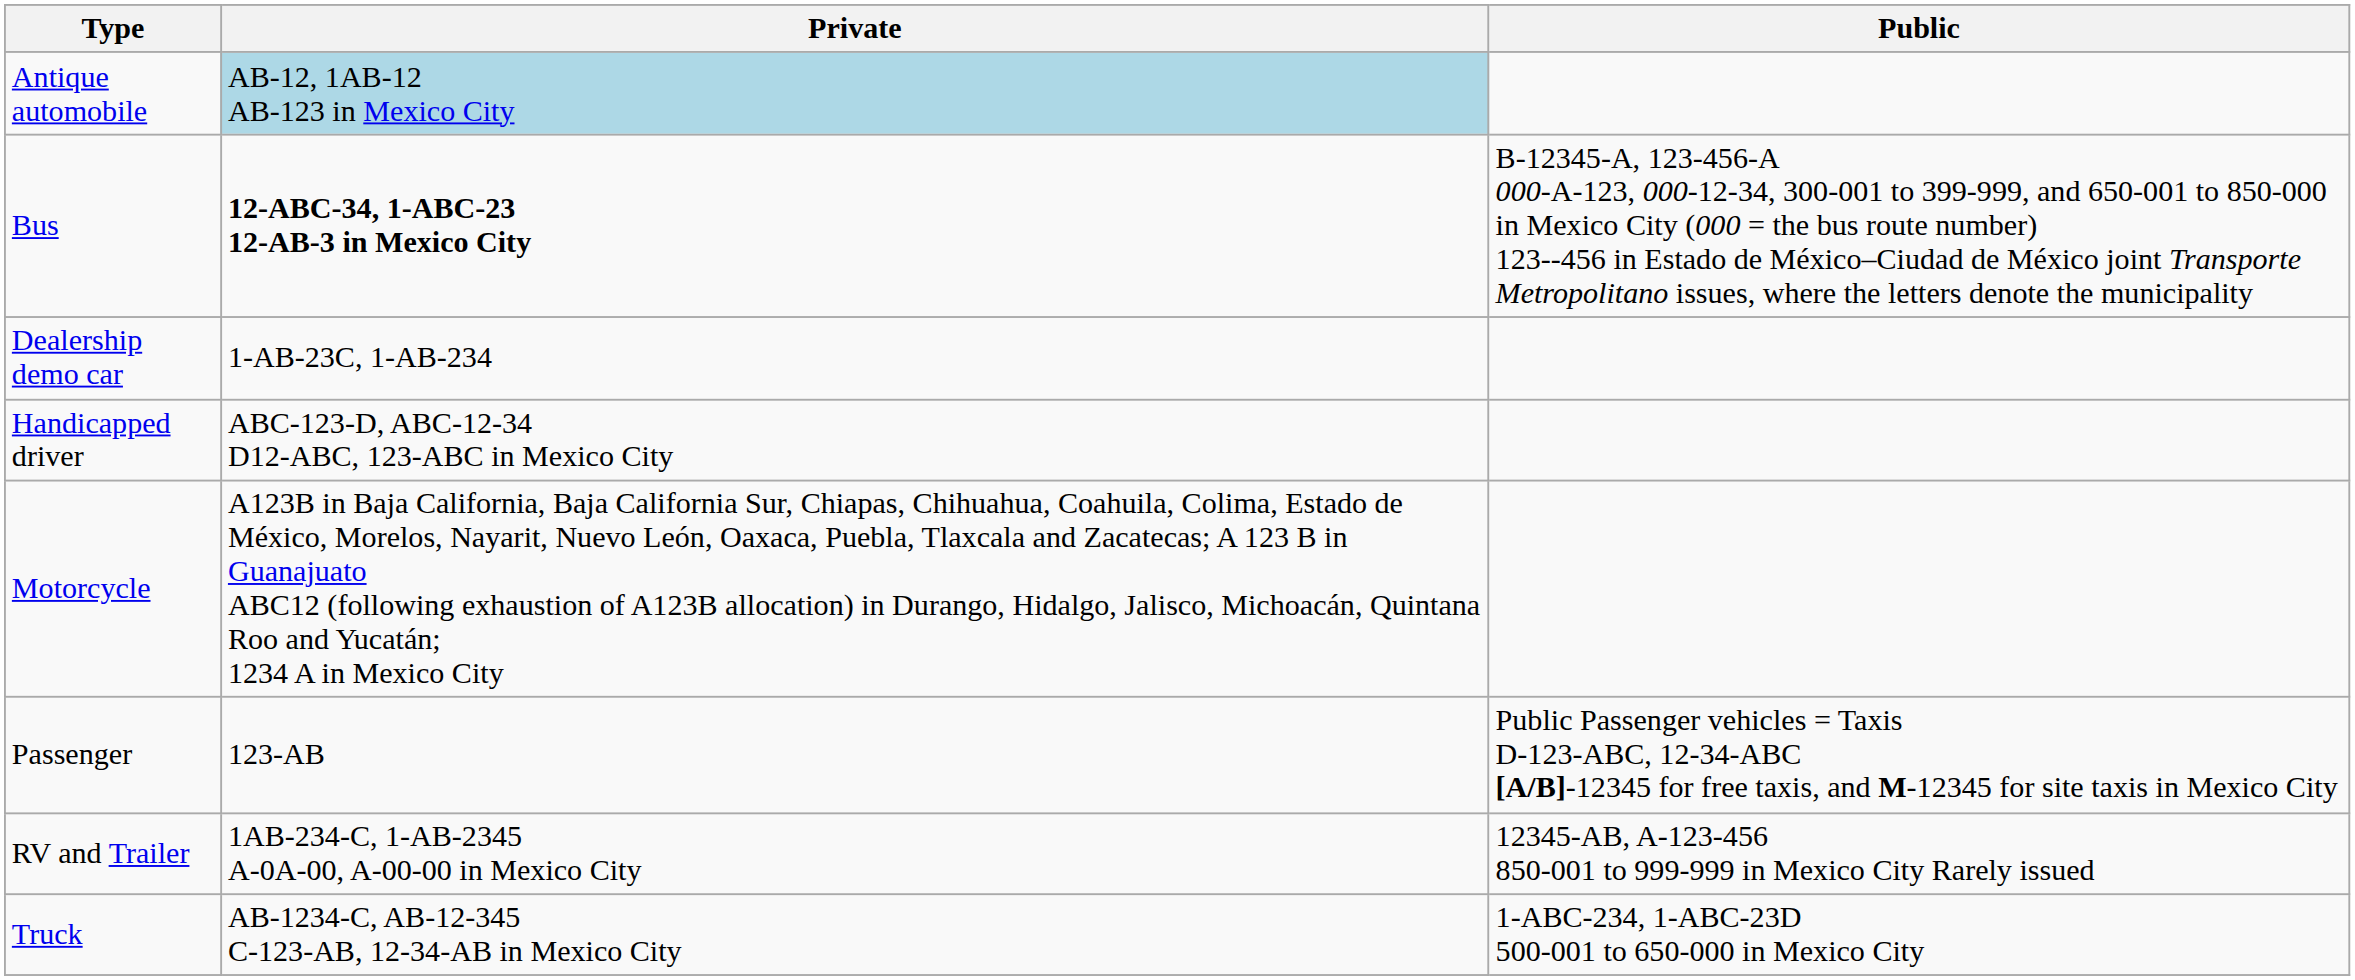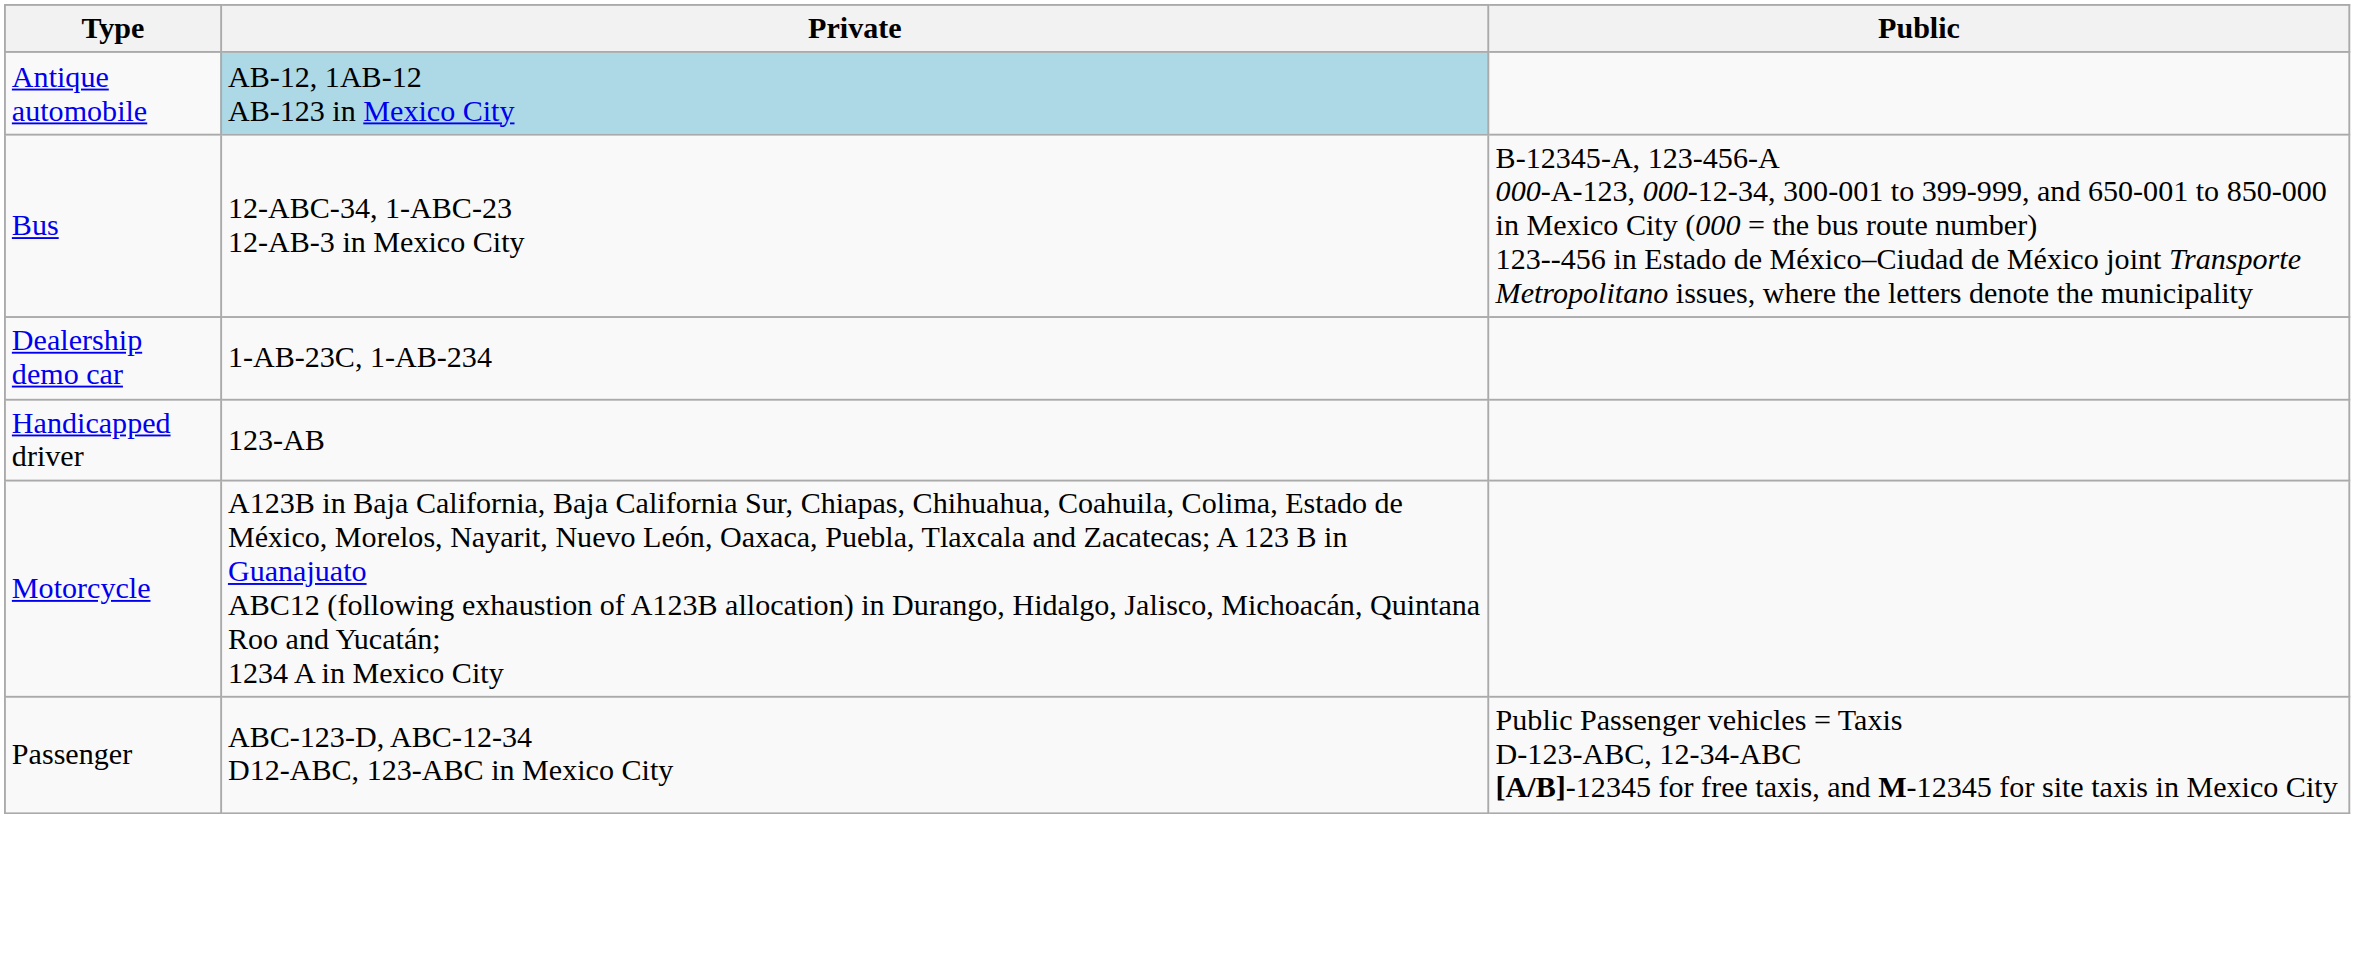 <table class=wikitable>
 <tr>
 <th>Type</th>
 <th>Private</th>
 <th>Public</th>
 </tr>
 <tr>
 <td><a href='#'>Antique automobile</a></td>
 <td style="background: lightblue;">AB-12, 1AB-12<br>AB-123 in <a href='#'>Mexico City</a></td>
 <td></td>
 </tr>
 <tr>
 <td><a href='#'>Bus</a></td>
-<td><strong>12-ABC-34, 1-ABC-23<br>12-AB-3 in Mexico City</strong></td>
+<td>12-ABC-34, 1-ABC-23<br>12-AB-3 in Mexico City</td>
 <td>B-12345-A, 123-456-A<br><em>000</em>-A-123, <em>000</em>-12-34, 300-001 to 399-999, and 650-001 to 850-000 in Mexico City (<em>000</em> = the bus route number)<br>123--456 in Estado de México–Ciudad de México joint <em>Transporte Metropolitano</em> issues, where the letters denote the municipality</td>
 </tr>
 <tr>
 <td><a href='#'>Dealership demo car</a></td>
 <td>1-AB-23C, 1-AB-234</td>
 <td></td>
 </tr>
 <tr>
 <td><a href='#'>Handicapped</a> driver</td>
-<td>ABC-123-D, ABC-12-34<br>D12-ABC, 123-ABC in Mexico City</td>
+<td>123-AB</td>
 <td></td>
 </tr>
 <tr>
 <td><a href='#'>Motorcycle</a></td>
 <td>A123B in Baja California, Baja California Sur, Chiapas, Chihuahua, Coahuila, Colima, Estado de México, Morelos, Nayarit, Nuevo León, Oaxaca, Puebla, Tlaxcala and Zacatecas; A 123 B in <a href='#'>Guanajuato</a><br>ABC12 (following exhaustion of A123B allocation) in Durango, Hidalgo, Jalisco, Michoacán, Quintana Roo and Yucatán;<br>1234 A in Mexico City</td>
 <td></td>
 </tr>
 <tr>
 <td>Passenger</td>
-<td>123-AB</td>
+<td>ABC-123-D, ABC-12-34<br>D12-ABC, 123-ABC in Mexico City</td>
 <td>Public Passenger vehicles = Taxis<br>D-123-ABC, 12-34-ABC<br><strong>[A/B]</strong>-12345 for free taxis, and <strong>M</strong>-12345 for site taxis in Mexico City</td>
 </tr>
-<tr>
-<td>RV and <a href='#'>Trailer</a></td>
-<td>1AB-234-C, 1-AB-2345<br>A-0A-00, A-00-00 in Mexico City</td>
-<td>12345-AB, A-123-456<br>850-001 to 999-999 in Mexico City Rarely issued</td>
-</tr>
-<tr>
-<td><a href='#'>Truck</a></td>
-<td>AB-1234-C, AB-12-345<br>C-123-AB, 12-34-AB in Mexico City</td>
-<td>1-ABC-234, 1-ABC-23D<br>500-001 to 650-000 in Mexico City</td>
-</tr>
 </table>
